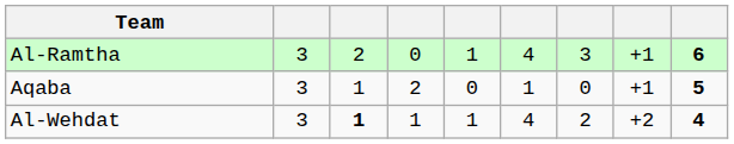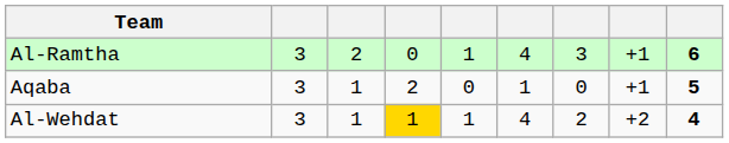 <table class="wikitable" style="text-align: center;">
 <tr>
 <th width="165">Team</th>
 <th width="30"></th>
 <th width="30"></th>
 <th width="30"></th>
 <th width="30"></th>
 <th width="30"></th>
 <th width="30"></th>
 <th width="30"></th>
 <th width="30"></th>
 </tr>
 <tr bgcolor="#ccffcc">
 <td align="left">Al-Ramtha</td>
 <td>3</td>
 <td>2</td>
 <td>0</td>
 <td>1</td>
 <td>4</td>
 <td>3</td>
 <td>+1</td>
 <td><strong>6</strong></td>
 </tr>
 <tr>
 <td align="left">Aqaba</td>
 <td>3</td>
 <td>1</td>
 <td>2</td>
 <td>0</td>
 <td>1</td>
 <td>0</td>
 <td>+1</td>
 <td><strong>5</strong></td>
 </tr>
 <tr>
 <td align="left">Al-Wehdat</td>
 <td>3</td>
-<td><strong>1</strong></td>
 <td>1</td>
+<td style="background: gold;">1</td>
 <td>1</td>
 <td>4</td>
 <td>2</td>
 <td>+2</td>
 <td><strong>4</strong></td>
 </tr>
 </table>
